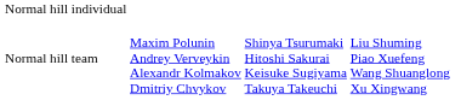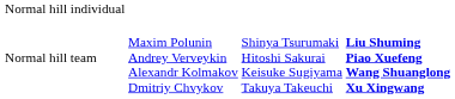 <table>
 <tr>
 <td>Normal hill individual</td>
 <td></td>
 <td></td>
 <td></td>
 </tr>
 <tr>
 <td>Normal hill team</td>
 <td><br><a href='#'>Maxim Polunin</a><br><a href='#'>Andrey Verveykin</a><br><a href='#'>Alexandr Kolmakov</a><br><a href='#'>Dmitriy Chvykov</a></td>
 <td><br><a href='#'>Shinya Tsurumaki</a><br><a href='#'>Hitoshi Sakurai</a><br><a href='#'>Keisuke Sugiyama</a><br><a href='#'>Takuya Takeuchi</a></td>
-<td><br><a href='#'>Liu Shuming</a><br><a href='#'>Piao Xuefeng</a><br><a href='#'>Wang Shuanglong</a><br><a href='#'>Xu Xingwang</a></td>
+<td><strong><br><a href='#'>Liu Shuming</a><br><a href='#'>Piao Xuefeng</a><br><a href='#'>Wang Shuanglong</a><br><a href='#'>Xu Xingwang</a></strong></td>
 </tr>
 </table>
